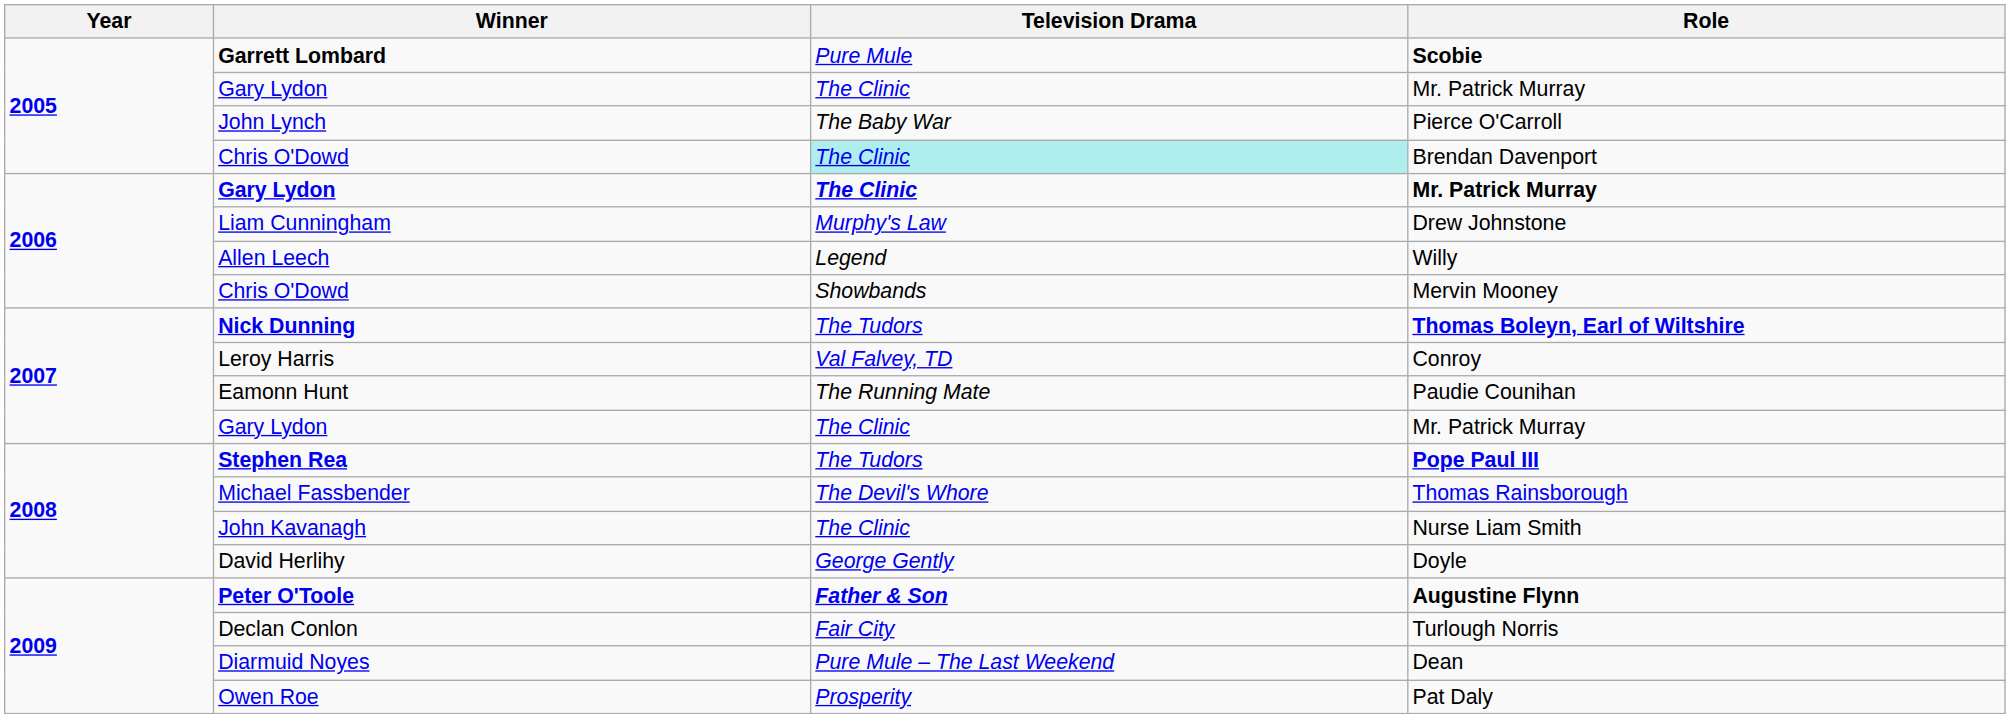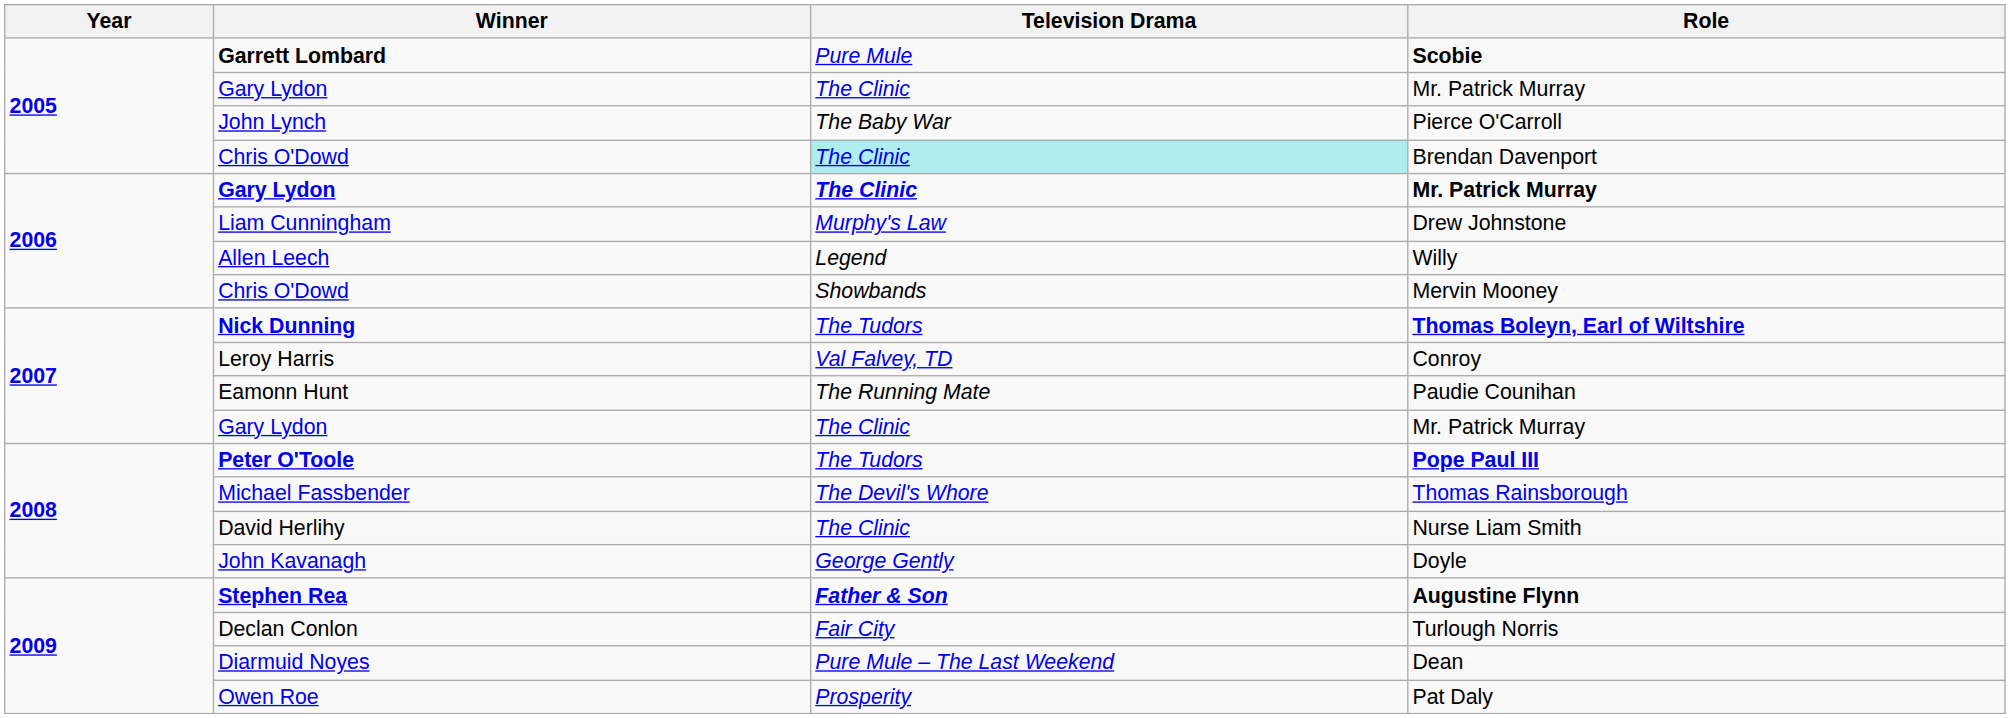 <table class="wikitable" width="95%" cellpadding="5">
 <tr>
 <th width="100"><strong>Year</strong></th>
 <th width="300"><strong>Winner</strong></th>
 <th width="300"><strong>Television Drama</strong></th>
 <th width="300"><strong>Role</strong></th>
 </tr>
 <tr>
 <td rowspan="4"><strong><a href='#'>2005</a></strong></td>
 <td><strong>Garrett Lombard</strong></td>
 <td><em><a href='#'>Pure Mule</a></em></td>
 <td><strong>Scobie</strong></td>
 </tr>
 <tr>
 <td><a href='#'>Gary Lydon</a></td>
 <td><a href='#'><em>The Clinic</em></a></td>
 <td>Mr. Patrick Murray</td>
 </tr>
 <tr>
 <td><a href='#'>John Lynch</a></td>
 <td><em>The Baby War</em></td>
 <td>Pierce O'Carroll</td>
 </tr>
 <tr>
 <td><a href='#'>Chris O'Dowd</a></td>
 <td style="background: paleturquoise;"><a href='#'><em>The Clinic</em></a></td>
 <td>Brendan Davenport</td>
 </tr>
 <tr>
 <td rowspan="4"><strong><a href='#'>2006</a></strong></td>
 <td><strong><a href='#'>Gary Lydon</a></strong></td>
 <td><em><a href='#'><strong>The Clinic</strong></a></em></td>
 <td><strong>Mr. Patrick Murray</strong></td>
 </tr>
 <tr>
 <td><a href='#'>Liam Cunningham</a></td>
 <td><a href='#'><em>Murphy's Law</em></a></td>
 <td>Drew Johnstone</td>
 </tr>
 <tr>
 <td><a href='#'>Allen Leech</a></td>
 <td><em>Legend</em></td>
 <td>Willy</td>
 </tr>
 <tr>
 <td><a href='#'>Chris O'Dowd</a></td>
 <td><em>Showbands</em></td>
 <td>Mervin Mooney</td>
 </tr>
 <tr>
 <td rowspan="4"><strong><a href='#'>2007</a></strong></td>
 <td><strong><a href='#'>Nick Dunning</a></strong></td>
 <td><em><a href='#'>The Tudors</a></em></td>
 <td><strong><a href='#'>Thomas Boleyn, Earl of Wiltshire</a></strong></td>
 </tr>
 <tr>
 <td>Leroy Harris</td>
 <td><em><a href='#'>Val Falvey, TD</a></em></td>
 <td>Conroy</td>
 </tr>
 <tr>
 <td>Eamonn Hunt</td>
 <td><em>The Running Mate</em></td>
 <td>Paudie Counihan</td>
 </tr>
 <tr>
 <td><a href='#'>Gary Lydon</a></td>
 <td><a href='#'><em>The Clinic</em></a></td>
 <td>Mr. Patrick Murray</td>
 </tr>
 <tr>
 <td rowspan="4"><strong><a href='#'>2008</a></strong></td>
-<td><strong><a href='#'>Stephen Rea</a></strong></td>
+<td><strong><a href='#'>Peter O'Toole</a></strong></td>
 <td><em><a href='#'>The Tudors</a></em></td>
 <td><strong><a href='#'>Pope Paul III</a></strong></td>
 </tr>
 <tr>
 <td><a href='#'>Michael Fassbender</a></td>
 <td><em><a href='#'>The Devil's Whore</a></em></td>
 <td><a href='#'>Thomas Rainsborough</a></td>
 </tr>
 <tr>
-<td><a href='#'>John Kavanagh</a></td>
+<td>David Herlihy</td>
 <td><a href='#'><em>The Clinic</em></a></td>
 <td>Nurse Liam Smith</td>
 </tr>
 <tr>
-<td>David Herlihy</td>
+<td><a href='#'>John Kavanagh</a></td>
 <td><a href='#'><em>George Gently</em></a></td>
 <td>Doyle</td>
 </tr>
 <tr>
 <td rowspan="4"><a href='#'><strong>2009</strong></a></td>
-<td><strong><a href='#'>Peter O'Toole</a></strong></td>
+<td><strong><a href='#'>Stephen Rea</a></strong></td>
 <td><em><a href='#'><strong>Father & Son</strong></a></em></td>
 <td><strong>Augustine Flynn</strong></td>
 </tr>
 <tr>
 <td>Declan Conlon</td>
 <td><em><a href='#'>Fair City</a></em></td>
 <td>Turlough Norris</td>
 </tr>
 <tr>
 <td><a href='#'>Diarmuid Noyes</a></td>
 <td><a href='#'><em>Pure Mule – The Last Weekend</em></a></td>
 <td>Dean</td>
 </tr>
 <tr>
 <td><a href='#'>Owen Roe</a></td>
 <td><a href='#'><em>Prosperity</em></a></td>
 <td>Pat Daly</td>
 </tr>
 </table>
